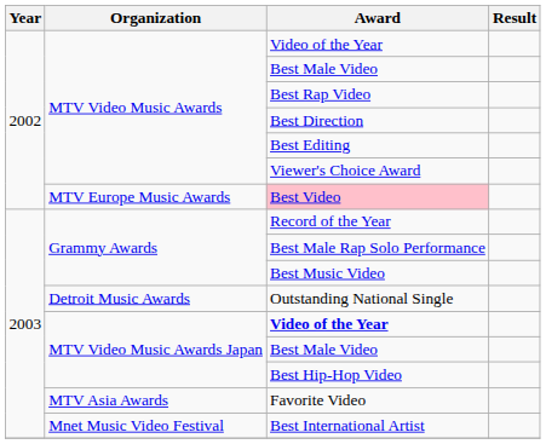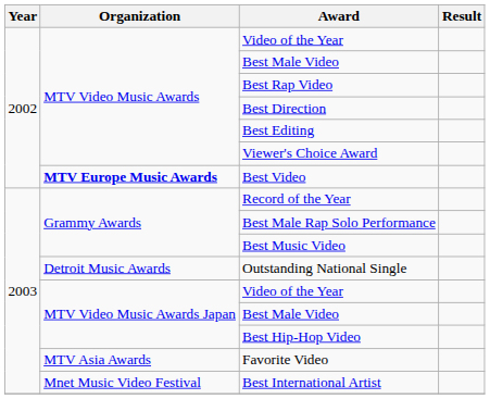 <table class="wikitable">
 <tr>
 <th>Year</th>
 <th>Organization</th>
 <th>Award</th>
 <th>Result</th>
 </tr>
 <tr>
 <td rowspan="7">2002</td>
 <td rowspan="6"><a href='#'>MTV Video Music Awards</a></td>
 <td><a href='#'>Video of the Year</a></td>
 <td></td>
 </tr>
 <tr>
 <td><a href='#'>Best Male Video</a></td>
 <td></td>
 </tr>
 <tr>
 <td><a href='#'>Best Rap Video</a></td>
 <td></td>
 </tr>
 <tr>
 <td><a href='#'>Best Direction</a></td>
 <td></td>
 </tr>
 <tr>
 <td><a href='#'>Best Editing</a></td>
 <td></td>
 </tr>
 <tr>
 <td><a href='#'>Viewer's Choice Award</a></td>
 <td></td>
 </tr>
 <tr>
-<td><a href='#'>MTV Europe Music Awards</a></td>
-<td style="background: pink;"><a href='#'>Best Video</a></td>
+<td><strong><a href='#'>MTV Europe Music Awards</a></strong></td>
+<td><a href='#'>Best Video</a></td>
 <td></td>
 </tr>
 <tr>
 <td rowspan="9">2003</td>
 <td rowspan="3"><a href='#'>Grammy Awards</a></td>
 <td><a href='#'>Record of the Year</a></td>
 <td></td>
 </tr>
 <tr>
 <td><a href='#'>Best Male Rap Solo Performance</a></td>
 <td></td>
 </tr>
 <tr>
 <td><a href='#'>Best Music Video</a></td>
 <td></td>
 </tr>
 <tr>
 <td><a href='#'>Detroit Music Awards</a></td>
 <td>Outstanding National Single</td>
 <td></td>
 </tr>
 <tr>
 <td rowspan="3"><a href='#'>MTV Video Music Awards Japan</a></td>
-<td><strong><a href='#'>Video of the Year</a></strong></td>
+<td><a href='#'>Video of the Year</a></td>
 <td></td>
 </tr>
 <tr>
 <td><a href='#'>Best Male Video</a></td>
 <td></td>
 </tr>
 <tr>
 <td><a href='#'>Best Hip-Hop Video</a></td>
 <td></td>
 </tr>
 <tr>
 <td><a href='#'>MTV Asia Awards</a></td>
 <td>Favorite Video</td>
 <td></td>
 </tr>
 <tr>
 <td><a href='#'>Mnet Music Video Festival</a></td>
 <td><a href='#'>Best International Artist</a></td>
 <td></td>
 </tr>
 <tr>
 </tr>
 </table>
